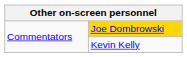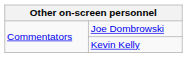 <table align="right" class="wikitable" style="border:1px; font-size:90%; margin-left:1em;">
 <tr>
 <th colspan="2" width="250"><strong>Other on-screen personnel</strong></th>
 </tr>
 <tr>
 <td rowspan=2><a href='#'>Commentators</a></td>
-<td style="background: gold;"><a href='#'>Joe Dombrowski</a></td>
+<td><a href='#'>Joe Dombrowski</a></td>
 </tr>
 <tr>
 <td><a href='#'>Kevin Kelly</a></td>
 </tr>
 </table>
